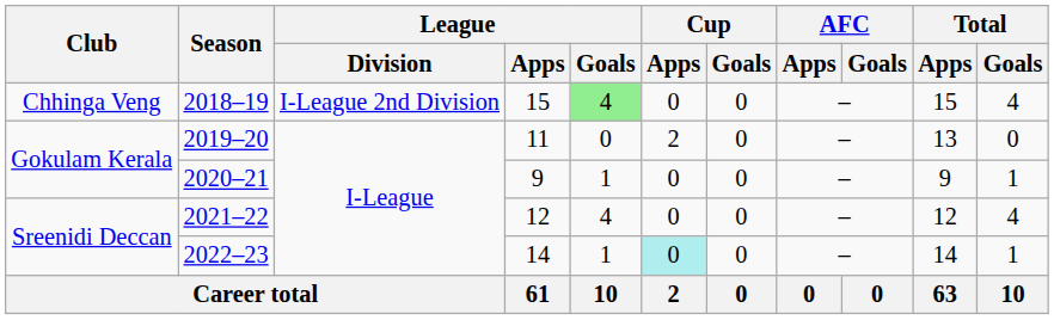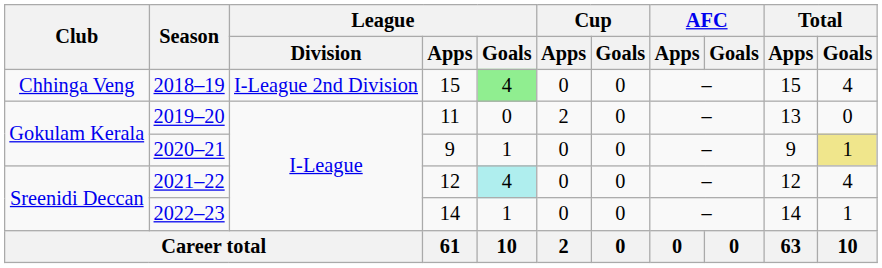 <table class="wikitable" style="text-align: center;">
 <tr>
 <th rowspan="2">Club</th>
 <th rowspan="2">Season</th>
 <th colspan="3">League</th>
 <th colspan="2">Cup</th>
 <th colspan="2"><a href='#'>AFC</a></th>
 <th colspan="2">Total</th>
 </tr>
 <tr>
 <th>Division</th>
 <th>Apps</th>
 <th>Goals</th>
 <th>Apps</th>
 <th>Goals</th>
 <th>Apps</th>
 <th>Goals</th>
 <th>Apps</th>
 <th>Goals</th>
 </tr>
 <tr>
 <td rowspan="1"><a href='#'>Chhinga Veng</a></td>
 <td><a href='#'>2018–19</a></td>
 <td rowspan="1"><a href='#'>I-League 2nd Division</a></td>
 <td>15</td>
 <td style="background: lightgreen;">4</td>
 <td>0</td>
 <td>0</td>
 <td colspan="2">–</td>
 <td>15</td>
 <td>4</td>
 </tr>
 <tr>
 <td rowspan="2"><a href='#'>Gokulam Kerala</a></td>
 <td><a href='#'>2019–20</a></td>
 <td rowspan="4"><a href='#'>I-League</a></td>
 <td>11</td>
 <td>0</td>
 <td>2</td>
 <td>0</td>
 <td colspan="2">–</td>
 <td>13</td>
 <td>0</td>
 </tr>
 <tr>
 <td><a href='#'>2020–21</a></td>
 <td>9</td>
 <td>1</td>
 <td>0</td>
 <td>0</td>
 <td colspan="2">–</td>
 <td>9</td>
-<td>1</td>
+<td style="background: khaki;">1</td>
 </tr>
 <tr>
 <td rowspan="2"><a href='#'>Sreenidi Deccan</a></td>
 <td><a href='#'>2021–22</a></td>
 <td>12</td>
-<td>4</td>
+<td style="background: paleturquoise;">4</td>
 <td>0</td>
 <td>0</td>
 <td colspan="2">–</td>
 <td>12</td>
 <td>4</td>
 </tr>
 <tr>
 <td><a href='#'>2022–23</a></td>
 <td>14</td>
 <td>1</td>
-<td style="background: paleturquoise;">0</td>
+<td>0</td>
 <td>0</td>
 <td colspan="2">–</td>
 <td>14</td>
 <td>1</td>
 </tr>
 <tr>
 <th colspan="3">Career total</th>
 <th>61</th>
 <th>10</th>
 <th>2</th>
 <th>0</th>
 <th>0</th>
 <th>0</th>
 <th>63</th>
 <th>10</th>
 </tr>
 </table>
